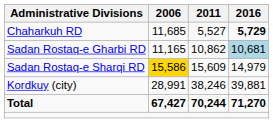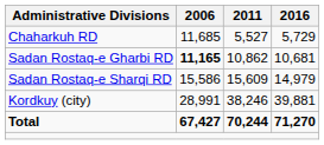 <table class="wikitable">
 <tr>
 <th>Administrative Divisions</th>
 <th>2006</th>
 <th>2011</th>
 <th>2016</th>
 </tr>
 <tr>
 <td><a href='#'>Chaharkuh RD</a></td>
 <td style="text-align: right;">11,685</td>
 <td style="text-align: right;">5,527</td>
-<td style="text-align: right;"><strong>5,729</strong></td>
+<td style="text-align: right;">5,729</td>
 </tr>
 <tr>
 <td><a href='#'>Sadan Rostaq-e Gharbi RD</a></td>
-<td style="text-align: right;">11,165</td>
+<td style="text-align: right;"><strong>11,165</strong></td>
 <td style="text-align: right;">10,862</td>
-<td style="background: lightblue; text-align: right;">10,681</td>
+<td style="text-align: right;">10,681</td>
 </tr>
 <tr>
 <td><a href='#'>Sadan Rostaq-e Sharqi RD</a></td>
-<td style="background: gold; text-align: right;">15,586</td>
+<td style="text-align: right;">15,586</td>
 <td style="text-align: right;">15,609</td>
 <td style="text-align: right;">14,979</td>
 </tr>
 <tr>
 <td><a href='#'>Kordkuy</a> (city)</td>
 <td style="text-align: right;">28,991</td>
 <td style="text-align: right;">38,246</td>
 <td style="text-align: right;">39,881</td>
 </tr>
 <tr>
 <td><strong>Total</strong></td>
 <td style="text-align: right;"><strong>67,427</strong></td>
 <td style="text-align: right;"><strong>70,244</strong></td>
 <td style="text-align: right;"><strong>71,270</strong></td>
 </tr>
 <tr>
 <td colspan=4></td>
 </tr>
 </table>
